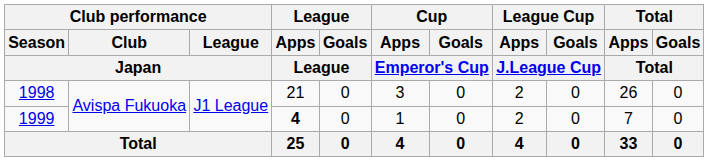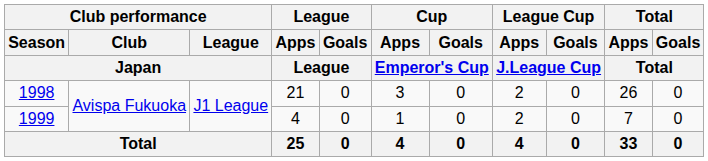 <table class="wikitable" style="text-align:center;">
 <tr>
 <th colspan=3>Club performance</th>
 <th colspan=2>League</th>
 <th colspan=2>Cup</th>
 <th colspan=2>League Cup</th>
 <th colspan=2>Total</th>
 </tr>
 <tr>
 <th>Season</th>
 <th>Club</th>
 <th>League</th>
 <th>Apps</th>
 <th>Goals</th>
 <th>Apps</th>
 <th>Goals</th>
 <th>Apps</th>
 <th>Goals</th>
 <th>Apps</th>
 <th>Goals</th>
 </tr>
 <tr>
 <th colspan=3>Japan</th>
 <th colspan=2>League</th>
 <th colspan=2><a href='#'>Emperor's Cup</a></th>
 <th colspan=2><a href='#'>J.League Cup</a></th>
 <th colspan=2>Total</th>
 </tr>
 <tr>
 <td><a href='#'>1998</a></td>
 <td rowspan="2"><a href='#'>Avispa Fukuoka</a></td>
 <td rowspan="2"><a href='#'>J1 League</a></td>
 <td>21</td>
 <td>0</td>
 <td>3</td>
 <td>0</td>
 <td>2</td>
 <td>0</td>
 <td>26</td>
 <td>0</td>
 </tr>
 <tr>
 <td><a href='#'>1999</a></td>
-<td><strong>4</strong></td>
+<td>4</td>
 <td>0</td>
 <td>1</td>
 <td>0</td>
 <td>2</td>
 <td>0</td>
 <td>7</td>
 <td>0</td>
 </tr>
 <tr>
 <th colspan=3>Total</th>
 <th>25</th>
 <th>0</th>
 <th>4</th>
 <th>0</th>
 <th>4</th>
 <th>0</th>
 <th>33</th>
 <th>0</th>
 </tr>
 </table>
